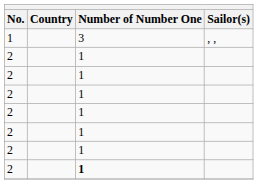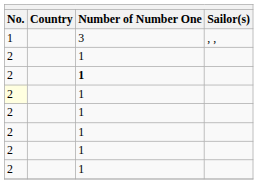 <table class="sortable wikitable">
 <tr>
 <th colspan="4"></th>
 </tr>
 <tr>
 <th>No.</th>
 <th>Country</th>
 <th>Number of Number One</th>
 <th>Sailor(s)</th>
 </tr>
 <tr>
 <td>1</td>
 <td></td>
 <td>3</td>
 <td>, , </td>
 </tr>
 <tr>
 <td>2</td>
+<td></td>
+<td>1</td>
+<td></td>
+</tr>
+<tr>
+<td>2</td>
+<td></td>
+<td><strong>1</strong></td>
+<td></td>
+</tr>
+<tr>
+<td style="background: lightyellow;">2</td>
 <td></td>
 <td>1</td>
 <td></td>
 </tr>
 <tr>
 <td>2</td>
 <td></td>
 <td>1</td>
 <td></td>
 </tr>
 <tr>
 <td>2</td>
 <td></td>
 <td>1</td>
 <td></td>
 </tr>
 <tr>
 <td>2</td>
 <td></td>
 <td>1</td>
 <td></td>
 </tr>
 <tr>
 <td>2</td>
 <td></td>
 <td>1</td>
 <td></td>
 </tr>
 <tr>
-<td>2</td>
-<td></td>
-<td>1</td>
-<td></td>
-</tr>
-<tr>
-<td>2</td>
-<td></td>
-<td><strong>1</strong></td>
-<td></td>
-</tr>
-<tr>
 </tr>
 </table>
